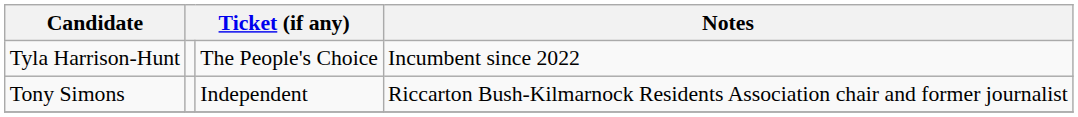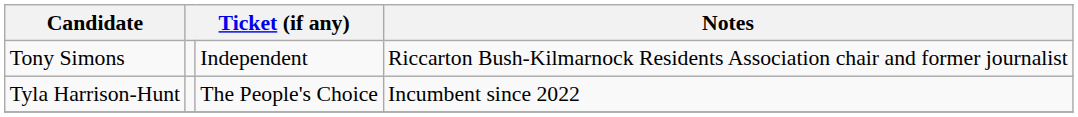 <table class="wikitable" style="font-size: 95%">
 <tr>
 <th>Candidate</th>
 <th colspan="2"><a href='#'>Ticket</a> (if any)</th>
 <th>Notes</th>
+</tr>
+<tr>
+<td>Tony Simons</td>
+<td style="background-color:"></td>
+<td>Independent</td>
+<td>Riccarton Bush-Kilmarnock Residents Association chair and former journalist</td>
 </tr>
 <tr>
 <td>Tyla Harrison-Hunt</td>
 <td style="background-color:"></td>
 <td>The People's Choice</td>
 <td>Incumbent since 2022</td>
 </tr>
 <tr>
-<td>Tony Simons</td>
-<td style="background-color:"></td>
-<td>Independent</td>
-<td>Riccarton Bush-Kilmarnock Residents Association chair and former journalist</td>
-</tr>
-<tr>
 </tr>
 </table>
